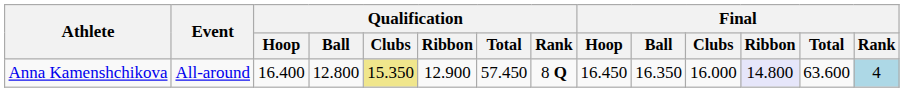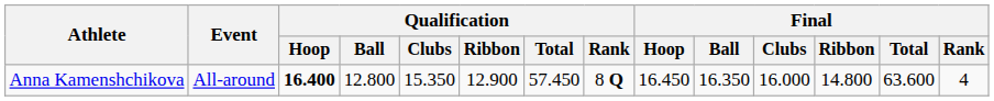 <table class=wikitable style="font-size:90%">
 <tr>
 <th rowspan=2>Athlete</th>
 <th rowspan=2>Event</th>
 <th colspan=6>Qualification</th>
 <th colspan=6>Final</th>
 </tr>
 <tr style="font-size:95%">
 <th>Hoop</th>
 <th>Ball</th>
 <th>Clubs</th>
 <th>Ribbon</th>
 <th>Total</th>
 <th>Rank</th>
 <th>Hoop</th>
 <th>Ball</th>
 <th>Clubs</th>
 <th>Ribbon</th>
 <th>Total</th>
 <th>Rank</th>
 </tr>
 <tr align=center>
 <td align=left><a href='#'>Anna Kamenshchikova</a></td>
 <td align=left><a href='#'>All-around</a></td>
-<td>16.400</td>
+<td><strong>16.400</strong></td>
 <td>12.800</td>
-<td style="background: khaki;">15.350</td>
+<td>15.350</td>
 <td>12.900</td>
 <td>57.450</td>
 <td>8 <strong>Q</strong></td>
 <td>16.450</td>
 <td>16.350</td>
 <td>16.000</td>
-<td style="background: lavender;">14.800</td>
+<td>14.800</td>
 <td>63.600</td>
-<td style="background: lightblue;">4</td>
+<td>4</td>
 </tr>
 </table>
